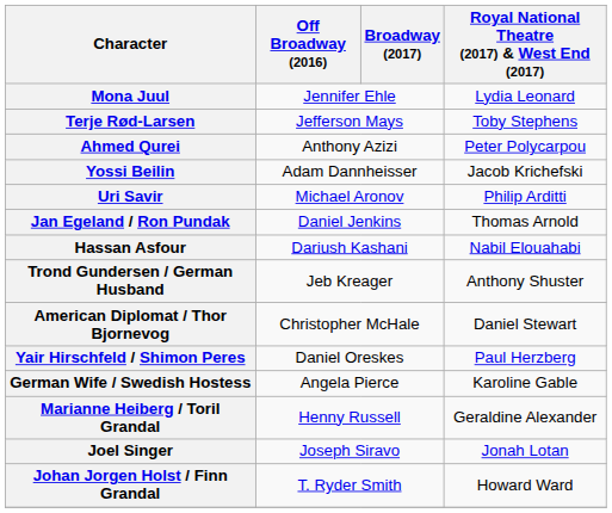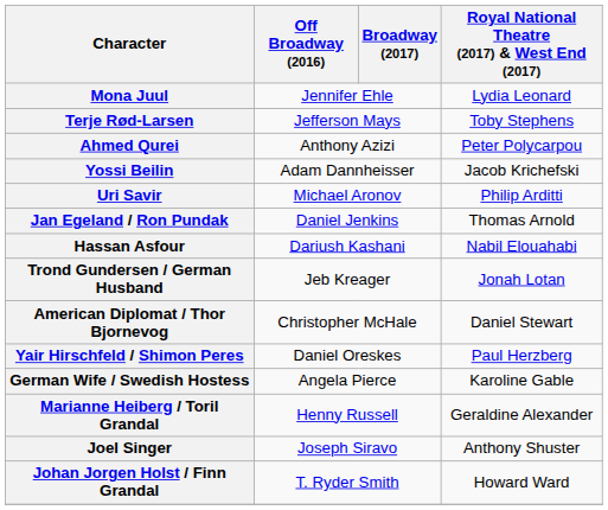 <table class="wikitable" style="width:1000;">
 <tr>
 <th>Character</th>
 <th><a href='#'>Off Broadway</a><br><small>(2016)</small></th>
 <th><a href='#'>Broadway</a><br><small>(2017)</small></th>
 <th><a href='#'>Royal National Theatre</a><br><small>(2017)</small> & <a href='#'>West End</a><br><small>(2017)</small></th>
 </tr>
 <tr>
 <th><a href='#'>Mona Juul</a></th>
 <td colspan='2' align=center><a href='#'>Jennifer Ehle</a></td>
 <td colspan='1' align=center><a href='#'>Lydia Leonard</a></td>
 </tr>
 <tr>
 <th><a href='#'>Terje Rød-Larsen</a></th>
 <td colspan='2' align=center><a href='#'>Jefferson Mays</a></td>
 <td colspan='1' align=center><a href='#'>Toby Stephens</a></td>
 </tr>
 <tr>
 <th><a href='#'>Ahmed Qurei</a></th>
 <td colspan='2' align=center>Anthony Azizi</td>
 <td colspan='1' align=center><a href='#'>Peter Polycarpou</a></td>
 </tr>
 <tr>
 <th><a href='#'>Yossi Beilin</a></th>
 <td colspan='2' align=center>Adam Dannheisser</td>
 <td colspan='1' align=center>Jacob Krichefski</td>
 </tr>
 <tr>
 <th><a href='#'>Uri Savir</a></th>
 <td colspan='2' align=center><a href='#'>Michael Aronov</a></td>
 <td colspan='1' align=center><a href='#'>Philip Arditti</a></td>
 </tr>
 <tr>
 <th><a href='#'>Jan Egeland</a> / <a href='#'>Ron Pundak</a></th>
 <td colspan='2' align=center><a href='#'>Daniel Jenkins</a></td>
 <td colspan='1' align=center>Thomas Arnold</td>
 </tr>
 <tr>
 <th>Hassan Asfour</th>
 <td colspan='2' align=center><a href='#'>Dariush Kashani</a></td>
 <td colspan='1' align=center><a href='#'>Nabil Elouahabi</a></td>
 </tr>
 <tr>
 <th>Trond Gundersen / German Husband</th>
 <td colspan='2' align=center>Jeb Kreager</td>
-<td colspan='1' align=center>Anthony Shuster</td>
+<td colspan='1' align=center><a href='#'>Jonah Lotan</a></td>
 </tr>
 <tr>
 <th>American Diplomat / Thor Bjornevog</th>
 <td colspan='2' align=center>Christopher McHale</td>
 <td colspan='1' align=center>Daniel Stewart</td>
 </tr>
 <tr>
 <th><a href='#'>Yair Hirschfeld</a> / <a href='#'>Shimon Peres</a></th>
 <td colspan='2' align=center>Daniel Oreskes</td>
 <td colspan='1' align=center><a href='#'>Paul Herzberg</a></td>
 </tr>
 <tr>
 <th>German Wife / Swedish Hostess</th>
 <td colspan='2' align=center>Angela Pierce</td>
 <td colspan='1' align=center>Karoline Gable</td>
 </tr>
 <tr>
 <th><a href='#'>Marianne Heiberg</a> / Toril Grandal</th>
 <td colspan='2' align=center><a href='#'>Henny Russell</a></td>
 <td colspan='1' align=center>Geraldine Alexander</td>
 </tr>
 <tr>
 <th>Joel Singer</th>
 <td colspan='2' align=center><a href='#'>Joseph Siravo</a></td>
-<td colspan='1' align=center><a href='#'>Jonah Lotan</a></td>
+<td colspan='1' align=center>Anthony Shuster</td>
 </tr>
 <tr>
 <th><a href='#'>Johan Jorgen Holst</a> / Finn Grandal</th>
 <td colspan='2' align=center><a href='#'>T. Ryder Smith</a></td>
 <td colspan='1' align=center>Howard Ward</td>
 </tr>
 <tr>
 </tr>
 </table>
